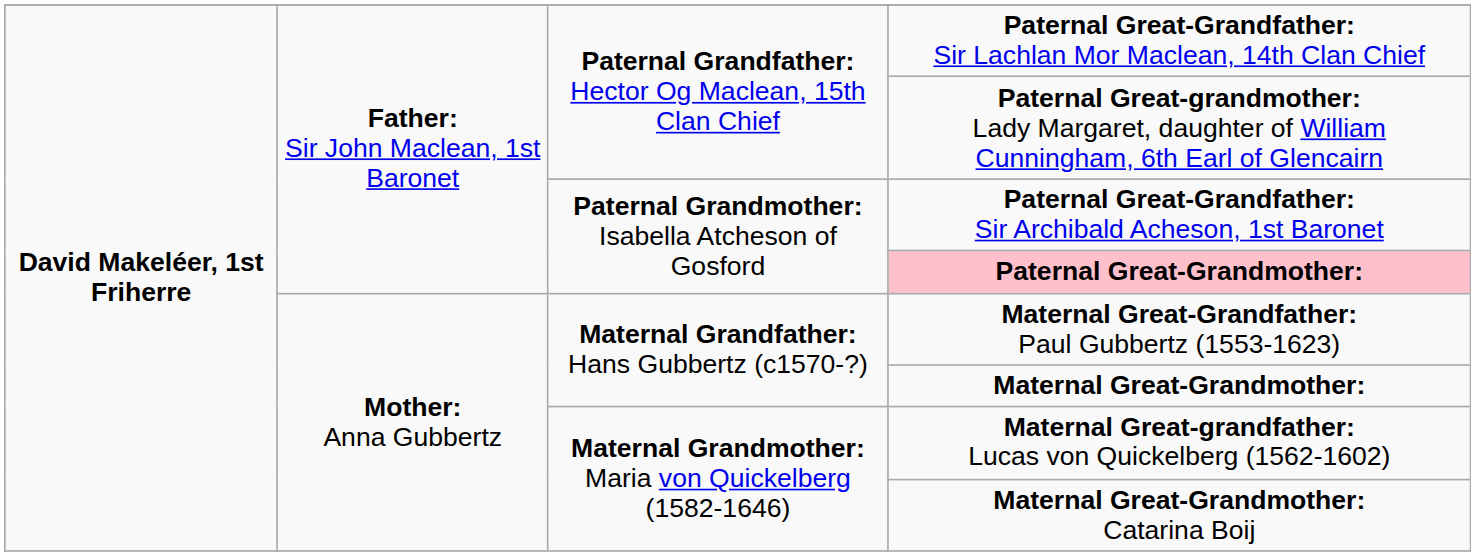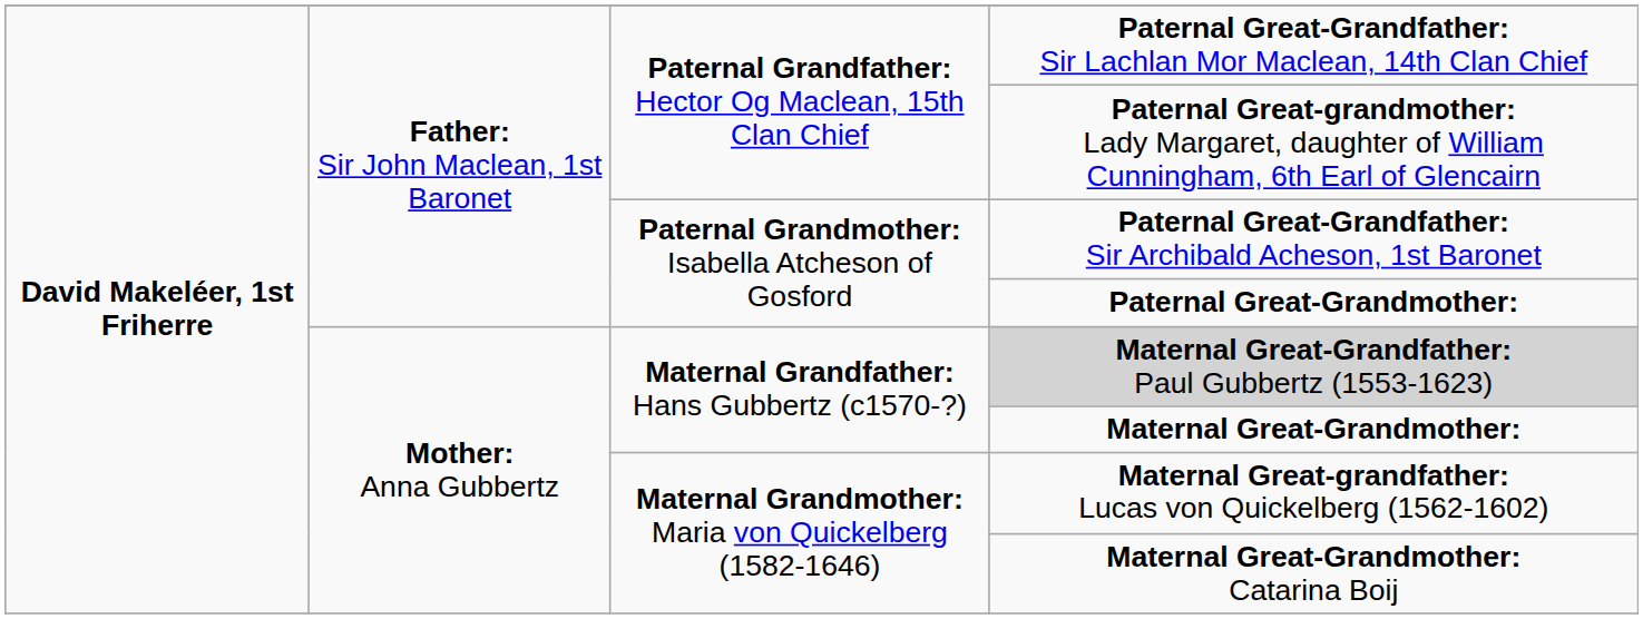 <table class="wikitable" style="margin:0.3em auto">
 <tr>
 </tr>
 <tr>
 <td rowspan="8" align="center"><strong>David Makeléer, 1st Friherre</strong></td>
 <td rowspan="4" align="center"><strong>Father:</strong><br><a href='#'>Sir John Maclean, 1st Baronet</a></td>
 <td rowspan="2" align="center"><strong>Paternal Grandfather:</strong><br><a href='#'>Hector Og Maclean, 15th Clan Chief</a></td>
 <td align="center"><strong>Paternal Great-Grandfather:</strong><br><a href='#'>Sir Lachlan Mor Maclean, 14th Clan Chief</a></td>
 </tr>
 <tr>
 <td align="center"><strong>Paternal Great-grandmother:</strong><br>Lady Margaret, daughter of <a href='#'>William Cunningham, 6th Earl of Glencairn</a></td>
 </tr>
 <tr>
 <td rowspan="2" align="center"><strong>Paternal Grandmother:</strong><br>Isabella Atcheson of Gosford</td>
 <td align="center"><strong>Paternal Great-Grandfather:</strong><br><a href='#'>Sir Archibald Acheson, 1st Baronet</a></td>
 </tr>
 <tr>
-<td align="center" style="background: pink;"><strong>Paternal Great-Grandmother:</strong><br></td>
+<td align="center"><strong>Paternal Great-Grandmother:</strong><br></td>
 </tr>
 <tr>
 <td rowspan="4" align="center"><strong>Mother:</strong><br>Anna Gubbertz</td>
 <td rowspan="2" align="center"><strong>Maternal Grandfather:</strong><br>Hans Gubbertz (c1570-?)</td>
-<td align="center"><strong>Maternal Great-Grandfather:</strong><br>Paul Gubbertz (1553-1623)</td>
+<td align="center" style="background: lightgrey;"><strong>Maternal Great-Grandfather:</strong><br>Paul Gubbertz (1553-1623)</td>
 </tr>
 <tr>
 <td align="center"><strong>Maternal Great-Grandmother:</strong><br></td>
 </tr>
 <tr>
 <td rowspan="2" align="center"><strong>Maternal Grandmother:</strong><br>Maria <a href='#'>von Quickelberg</a> (1582-1646)</td>
 <td align="center"><strong>Maternal Great-grandfather:</strong><br>Lucas von Quickelberg (1562-1602)</td>
 </tr>
 <tr>
 <td align="center"><strong>Maternal Great-Grandmother:</strong><br>Catarina Boij</td>
 </tr>
 </table>
